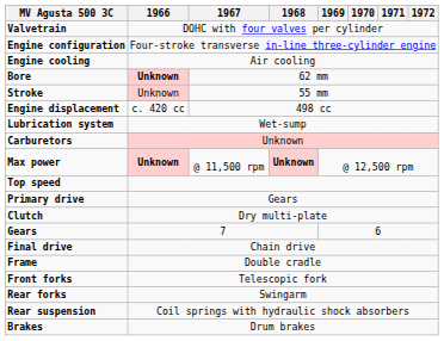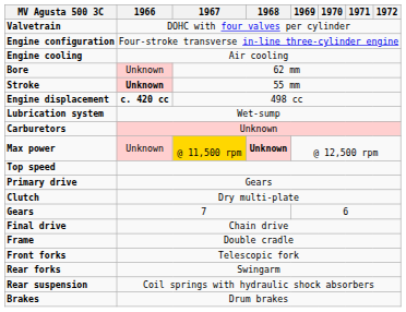 <table class="wikitable">
 <tr>
 <th>MV Agusta 500 3C</th>
 <th>1966</th>
 <th>1967</th>
 <th>1968</th>
 <th>1969</th>
 <th>1970</th>
 <th>1971</th>
 <th>1972</th>
 </tr>
 <tr>
 <td><strong>Valvetrain</strong></td>
 <td colspan="7" align="center">DOHC with <a href='#'>four valves</a> per cylinder</td>
 </tr>
 <tr>
 <td><strong>Engine configuration</strong></td>
 <td colspan="7" align="center">Four-stroke transverse <a href='#'>in-line three-cylinder engine</a></td>
 </tr>
 <tr>
 <td><strong>Engine cooling</strong></td>
 <td colspan="7" align="center">Air cooling</td>
 </tr>
 <tr>
 <td><strong>Bore</strong></td>
-<td bgcolor="#ffcfcf" align="center"><strong>Unknown</strong></td>
+<td bgcolor="#ffcfcf" align="center">Unknown</td>
 <td colspan="6" align="center">62 mm</td>
 </tr>
 <tr>
 <td><strong>Stroke</strong></td>
-<td bgcolor="#ffcfcf" align="center">Unknown</td>
+<td bgcolor="#ffcfcf" align="center"><strong>Unknown</strong></td>
 <td colspan="7" align="center">55 mm</td>
 </tr>
 <tr>
 <td><strong>Engine displacement</strong></td>
-<td align="center">c. 420 cc</td>
+<td align="center"><strong>c. 420 cc</strong></td>
 <td colspan="6" align="center">498 cc</td>
 </tr>
 <tr>
 <td><strong>Lubrication system</strong></td>
 <td colspan="7" align="center">Wet-sump</td>
 </tr>
 <tr>
 <td><strong>Carburetors</strong></td>
 <td colspan="7" bgcolor="#ffcfcf" align="center">Unknown</td>
 </tr>
 <tr>
 <td><strong>Max power</strong></td>
-<td bgcolor="#ffcfcf" align="center"><strong>Unknown</strong></td>
-<td align="center"><br>@ 11,500 rpm</td>
+<td bgcolor="#ffcfcf" align="center">Unknown</td>
+<td align="center" style="background: gold;"><br>@ 11,500 rpm</td>
 <td bgcolor="#ffcfcf" align="center"><strong>Unknown</strong></td>
 <td colspan="4" align="center"><br>@ 12,500 rpm</td>
 </tr>
 <tr>
 <td><strong>Top speed</strong></td>
 <td colspan="7" align="center"></td>
 </tr>
 <tr>
 <td><strong>Primary drive</strong></td>
 <td colspan="7" align="center">Gears</td>
 </tr>
 <tr>
 <td><strong>Clutch</strong></td>
 <td colspan="7" align="center">Dry multi-plate</td>
 </tr>
 <tr>
 <td><strong>Gears</strong></td>
 <td colspan="3" align="center">7</td>
 <td colspan="5" align="center">6</td>
 </tr>
 <tr>
 <td><strong>Final drive</strong></td>
 <td colspan="7" align="center">Chain drive</td>
 </tr>
 <tr>
 <td><strong>Frame</strong></td>
 <td colspan="7" align="center">Double cradle</td>
 </tr>
 <tr>
 <td><strong>Front forks</strong></td>
 <td colspan="7" align="center">Telescopic fork</td>
 </tr>
 <tr>
 <td><strong>Rear forks</strong></td>
 <td colspan="7" align="center">Swingarm</td>
 </tr>
 <tr>
 <td><strong>Rear suspension</strong></td>
 <td colspan="7" align="center">Coil springs with hydraulic shock absorbers</td>
 </tr>
 <tr>
 <td><strong>Brakes</strong></td>
 <td colspan="7" align="center">Drum brakes</td>
 </tr>
 </table>
